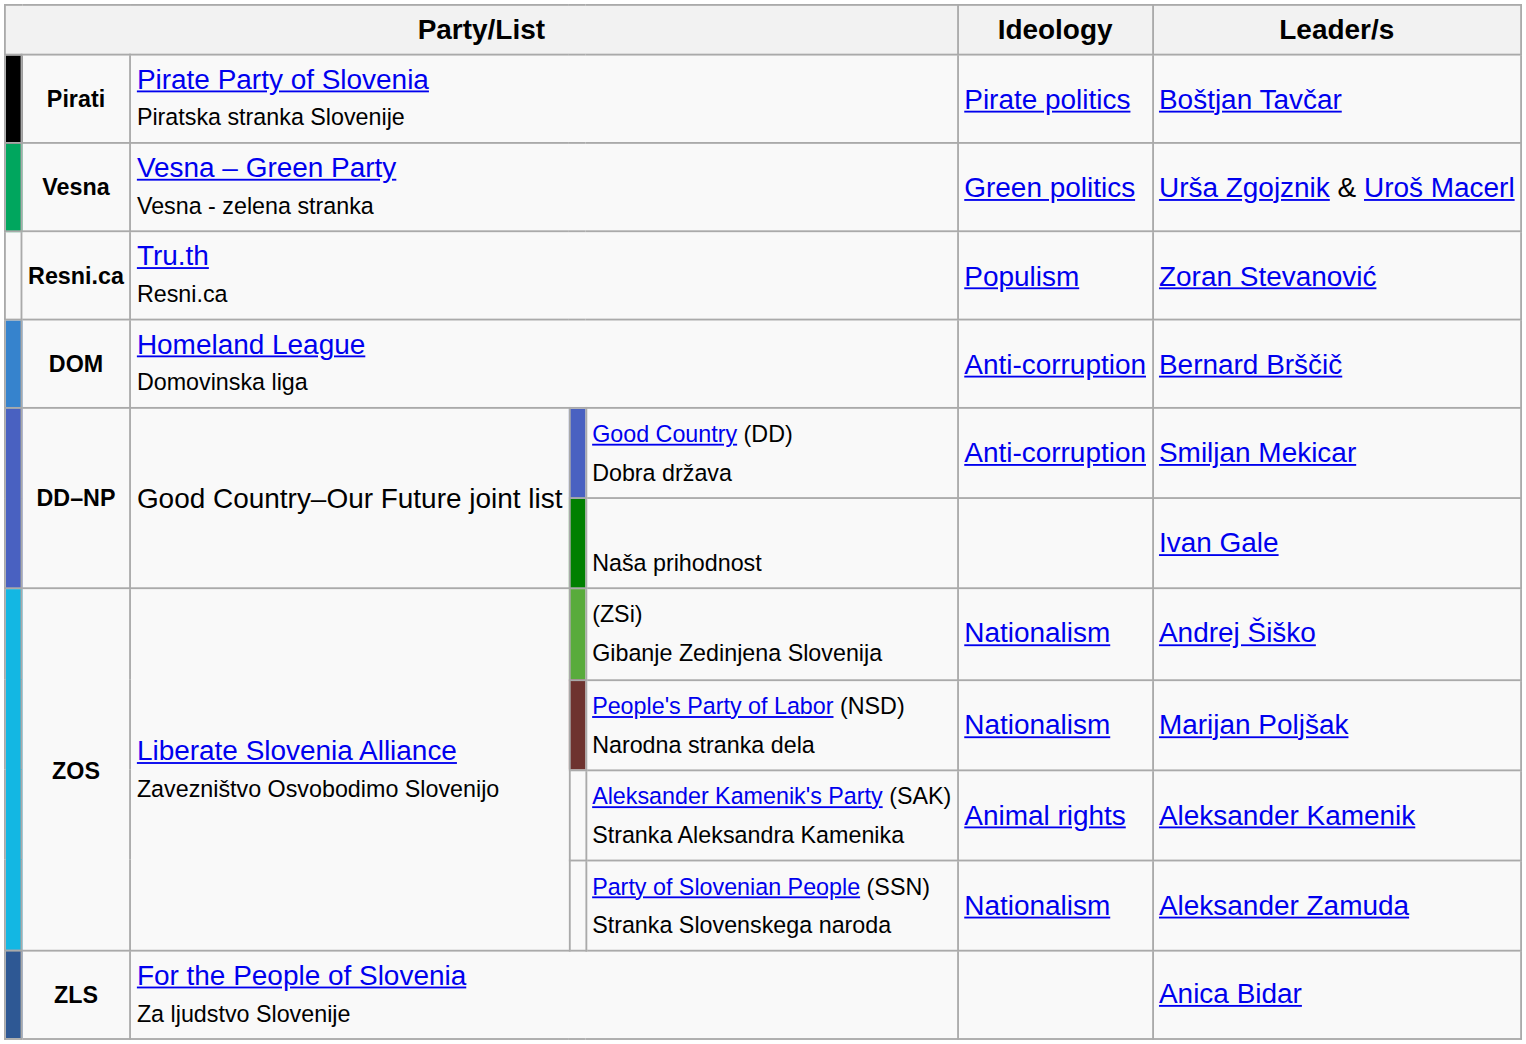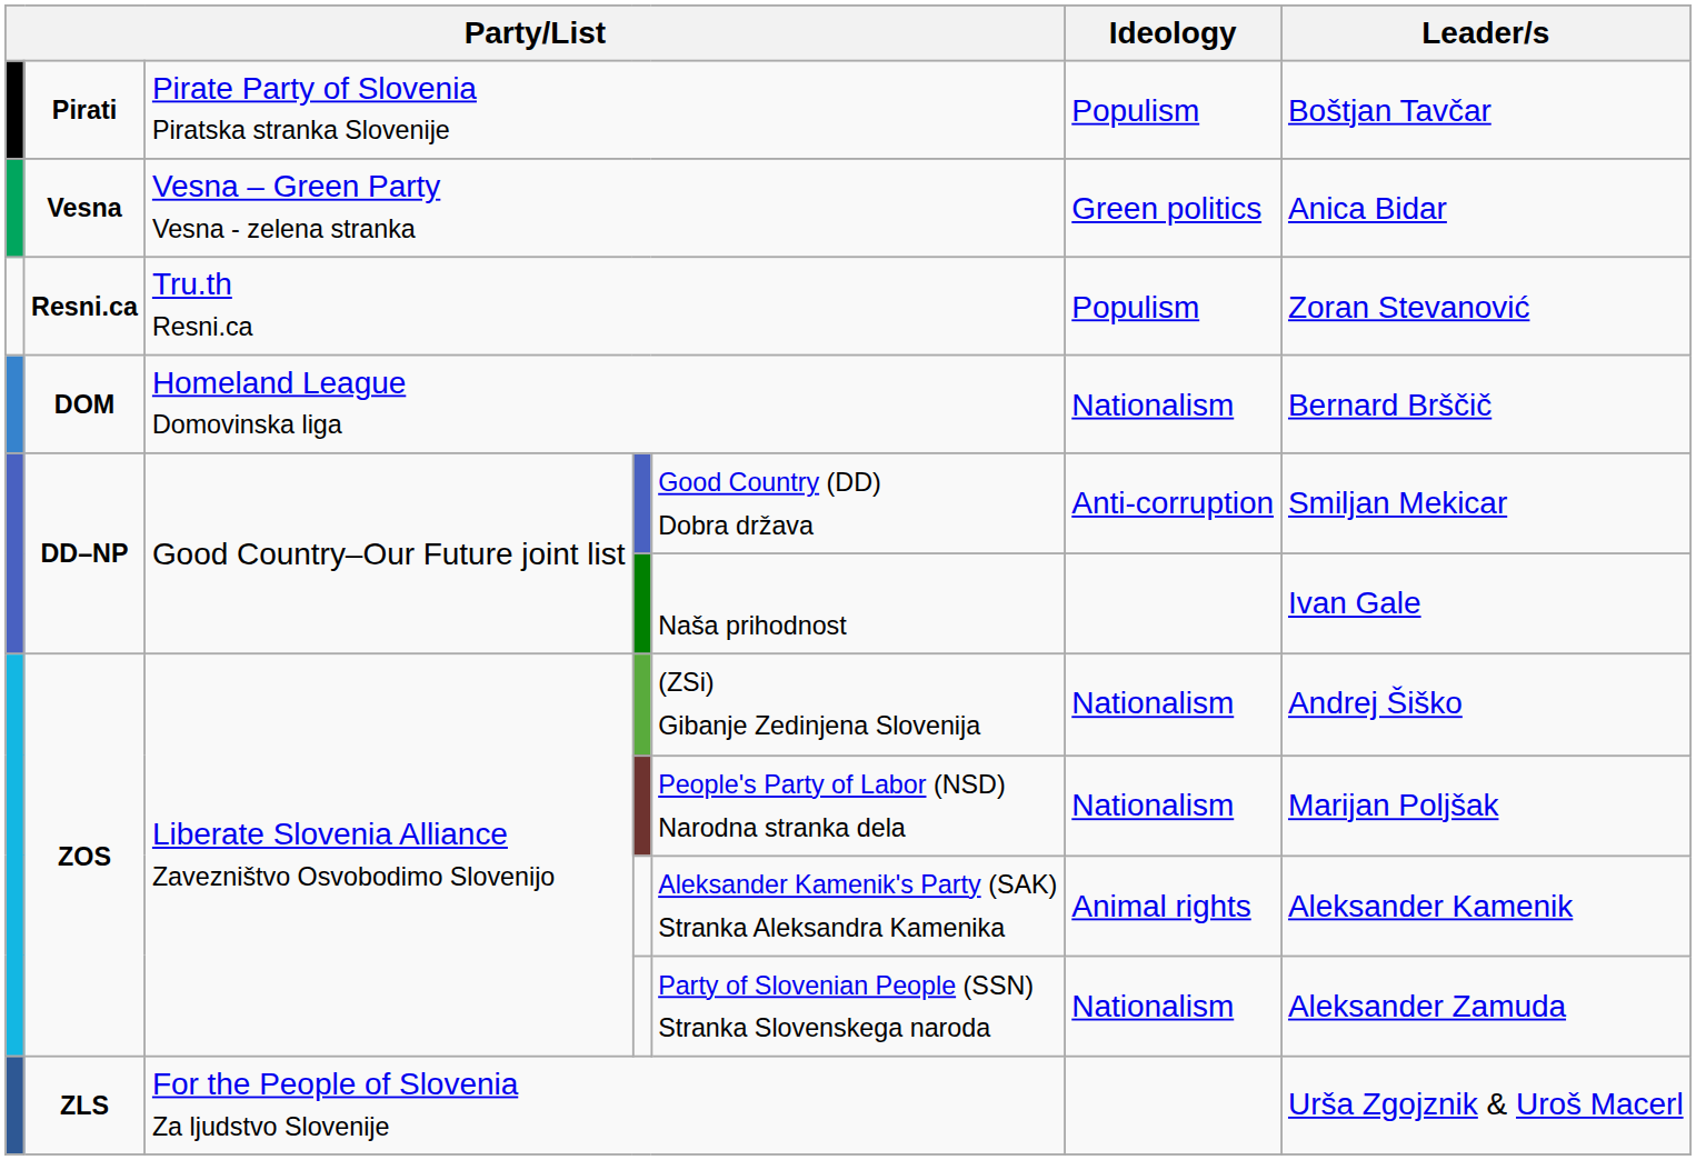 <table class="wikitable sortable collapsible collapsed tpl-blanktable" style="text-align:left; font-size:95%; line-height:20px;">
 <tr>
 <th colspan="5">Party/List</th>
 <th>Ideology</th>
 <th>Leader/s</th>
 </tr>
 <tr>
 <td style="background:#000000"></td>
 <td style="text-align:center;"><strong><small>Pirati</small></strong></td>
 <td colspan="3"><a href='#'>Pirate Party of Slovenia</a><br><small>Piratska stranka Slovenije</small></td>
-<td><a href='#'>Pirate politics</a></td>
+<td><a href='#'>Populism</a></td>
 <td><a href='#'>Boštjan Tavčar</a></td>
 </tr>
 <tr>
 <td style="background:#00A65E"></td>
 <td style="text-align:center;"><strong><small>Vesna</small></strong></td>
 <td colspan="3"><a href='#'>Vesna – Green Party</a><br><small>Vesna - zelena stranka</small></td>
 <td><a href='#'>Green politics</a></td>
-<td><a href='#'>Urša Zgojznik</a> & <a href='#'>Uroš Macerl</a></td>
+<td><a href='#'>Anica Bidar</a></td>
 </tr>
 <tr>
 <td style="background:"></td>
 <td style="text-align:center;"><strong><small>Resni.ca</small></strong></td>
 <td colspan="3"><a href='#'>Tru.th</a><br><small>Resni.ca</small></td>
 <td><a href='#'>Populism</a></td>
 <td><a href='#'>Zoran Stevanović</a></td>
 </tr>
 <tr>
 <td style="background:#3683cd"></td>
 <td style="text-align:center;"><strong><small>DOM</small></strong></td>
 <td colspan="3"><a href='#'>Homeland League</a><br><small>Domovinska liga</small></td>
-<td><a href='#'>Anti-corruption</a></td>
+<td><a href='#'>Nationalism</a></td>
 <td><a href='#'>Bernard Brščič</a></td>
 </tr>
 <tr>
 <td rowspan="2" style="width:2px; background:#4961c1;"></td>
 <td rowspan="2"  style="text-align:center;"><strong><small>DD–NP</small></strong></td>
 <td rowspan="2">Good Country–Our Future joint list</td>
 <td style="background:#4961c1"></td>
 <td><small><a href='#'>Good Country</a> (DD)<br>Dobra država</small></td>
 <td><a href='#'>Anti-corruption</a></td>
 <td><a href='#'>Smiljan Mekicar</a></td>
 </tr>
 <tr>
 <td style="background:green"></td>
 <td><small><br>Naša prihodnost</small></td>
 <td></td>
 <td><a href='#'>Ivan Gale</a></td>
 </tr>
 <tr>
 <td rowspan="4" style="width:2px; background:#13b7e3;"></td>
 <td rowspan="4"  style="text-align:center;"><strong><small>ZOS</small></strong></td>
 <td rowspan="4"><a href='#'>Liberate Slovenia Alliance</a><br><small>Zavezništvo Osvobodimo Slovenijo</small></td>
 <td style="width:2px; background:#59ab3c"></td>
 <td><small> (ZSi)</small><br><small>Gibanje Zedinjena Slovenija</small></td>
 <td><a href='#'>Nationalism</a></td>
 <td><a href='#'>Andrej Šiško</a></td>
 </tr>
 <tr>
 <td style="width:2px; background:#6e332f"></td>
 <td><small><a href='#'>People's Party of Labor</a> (NSD)</small><br><small>Narodna stranka dela</small></td>
 <td><a href='#'>Nationalism</a></td>
 <td><a href='#'>Marijan Poljšak</a></td>
 </tr>
 <tr>
 <td style="width:2px;"></td>
 <td><small><a href='#'>Aleksander Kamenik's Party</a> (SAK)</small><br><small>Stranka Aleksandra Kamenika</small></td>
 <td><a href='#'>Animal rights</a></td>
 <td><a href='#'>Aleksander Kamenik</a></td>
 </tr>
 <tr>
 <td style="width:2px; background:"></td>
 <td><small><a href='#'>Party of Slovenian People</a> (SSN)</small><br><small>Stranka Slovenskega naroda</small></td>
 <td><a href='#'>Nationalism</a></td>
 <td><a href='#'>Aleksander Zamuda</a></td>
 </tr>
 <tr>
 <td style="width:2px; background:#2E5894"></td>
 <td style="text-align:center;"><strong><small>ZLS</small></strong></td>
 <td colspan="3"><a href='#'>For the People of Slovenia</a><br><small>Za ljudstvo Slovenije</small></td>
 <td></td>
-<td><a href='#'>Anica Bidar</a></td>
+<td><a href='#'>Urša Zgojznik</a> & <a href='#'>Uroš Macerl</a></td>
 </tr>
 </table>
